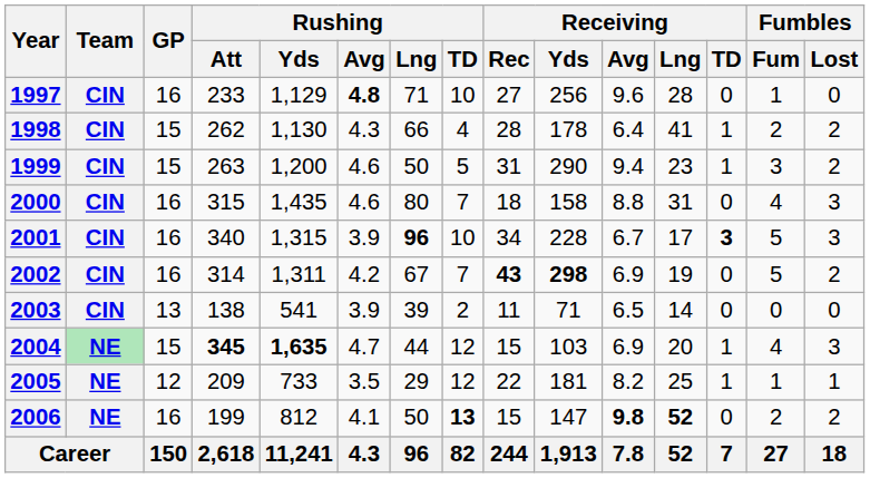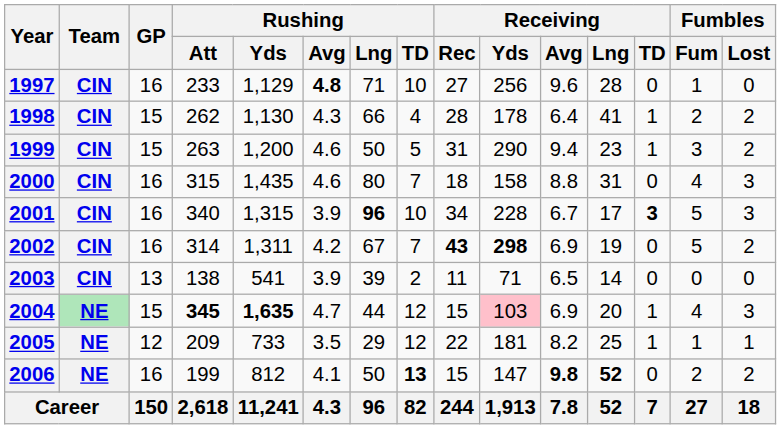 <table class="wikitable" style="text-align:center;">
 <tr>
 <th rowspan="2">Year</th>
 <th rowspan="2">Team</th>
 <th rowspan="2">GP</th>
 <th colspan="5">Rushing</th>
 <th colspan="5">Receiving</th>
 <th colspan="2">Fumbles</th>
 </tr>
 <tr>
 <th>Att</th>
 <th>Yds</th>
 <th>Avg</th>
 <th>Lng</th>
 <th>TD</th>
 <th>Rec</th>
 <th>Yds</th>
 <th>Avg</th>
 <th>Lng</th>
 <th>TD</th>
 <th>Fum</th>
 <th>Lost</th>
 </tr>
 <tr>
 <th><a href='#'>1997</a></th>
 <th><a href='#'>CIN</a></th>
 <td>16</td>
 <td>233</td>
 <td>1,129</td>
 <td><strong>4.8</strong></td>
 <td>71</td>
 <td>10</td>
 <td>27</td>
 <td>256</td>
 <td>9.6</td>
 <td>28</td>
 <td>0</td>
 <td>1</td>
 <td>0</td>
 </tr>
 <tr>
 <th><a href='#'>1998</a></th>
 <th><a href='#'>CIN</a></th>
 <td>15</td>
 <td>262</td>
 <td>1,130</td>
 <td>4.3</td>
 <td>66</td>
 <td>4</td>
 <td>28</td>
 <td>178</td>
 <td>6.4</td>
 <td>41</td>
 <td>1</td>
 <td>2</td>
 <td>2</td>
 </tr>
 <tr>
 <th><a href='#'>1999</a></th>
 <th><a href='#'>CIN</a></th>
 <td>15</td>
 <td>263</td>
 <td>1,200</td>
 <td>4.6</td>
 <td>50</td>
 <td>5</td>
 <td>31</td>
 <td>290</td>
 <td>9.4</td>
 <td>23</td>
 <td>1</td>
 <td>3</td>
 <td>2</td>
 </tr>
 <tr>
 <th><a href='#'>2000</a></th>
 <th><a href='#'>CIN</a></th>
 <td>16</td>
 <td>315</td>
 <td>1,435</td>
 <td>4.6</td>
 <td>80</td>
 <td>7</td>
 <td>18</td>
 <td>158</td>
 <td>8.8</td>
 <td>31</td>
 <td>0</td>
 <td>4</td>
 <td>3</td>
 </tr>
 <tr>
 <th><a href='#'>2001</a></th>
 <th><a href='#'>CIN</a></th>
 <td>16</td>
 <td>340</td>
 <td>1,315</td>
 <td>3.9</td>
 <td><strong>96</strong></td>
 <td>10</td>
 <td>34</td>
 <td>228</td>
 <td>6.7</td>
 <td>17</td>
 <td><strong>3</strong></td>
 <td>5</td>
 <td>3</td>
 </tr>
 <tr>
 <th><a href='#'>2002</a></th>
 <th><a href='#'>CIN</a></th>
 <td>16</td>
 <td>314</td>
 <td>1,311</td>
 <td>4.2</td>
 <td>67</td>
 <td>7</td>
 <td><strong>43</strong></td>
 <td><strong>298</strong></td>
 <td>6.9</td>
 <td>19</td>
 <td>0</td>
 <td>5</td>
 <td>2</td>
 </tr>
 <tr>
 <th><a href='#'>2003</a></th>
 <th><a href='#'>CIN</a></th>
 <td>13</td>
 <td>138</td>
 <td>541</td>
 <td>3.9</td>
 <td>39</td>
 <td>2</td>
 <td>11</td>
 <td>71</td>
 <td>6.5</td>
 <td>14</td>
 <td>0</td>
 <td>0</td>
 <td>0</td>
 </tr>
 <tr>
 <th><a href='#'>2004</a></th>
 <th style="background:#afe6ba; width:3em;"><a href='#'>NE</a></th>
 <td>15</td>
 <td><strong>345</strong></td>
 <td><strong>1,635</strong></td>
 <td>4.7</td>
 <td>44</td>
 <td>12</td>
 <td>15</td>
-<td>103</td>
+<td style="background: pink;">103</td>
 <td>6.9</td>
 <td>20</td>
 <td>1</td>
 <td>4</td>
 <td>3</td>
 </tr>
 <tr>
 <th><a href='#'>2005</a></th>
 <th><a href='#'>NE</a></th>
 <td>12</td>
 <td>209</td>
 <td>733</td>
 <td>3.5</td>
 <td>29</td>
 <td>12</td>
 <td>22</td>
 <td>181</td>
 <td>8.2</td>
 <td>25</td>
 <td>1</td>
 <td>1</td>
 <td>1</td>
 </tr>
 <tr>
 <th><a href='#'>2006</a></th>
 <th><a href='#'>NE</a></th>
 <td>16</td>
 <td>199</td>
 <td>812</td>
 <td>4.1</td>
 <td>50</td>
 <td><strong>13</strong></td>
 <td>15</td>
 <td>147</td>
 <td><strong>9.8</strong></td>
 <td><strong>52</strong></td>
 <td>0</td>
 <td>2</td>
 <td>2</td>
 </tr>
 <tr>
 <th colspan="2">Career</th>
 <th>150</th>
 <th>2,618</th>
 <th>11,241</th>
 <th>4.3</th>
 <th>96</th>
 <th>82</th>
 <th>244</th>
 <th>1,913</th>
 <th>7.8</th>
 <th>52</th>
 <th>7</th>
 <th>27</th>
 <th>18</th>
 </tr>
 </table>
